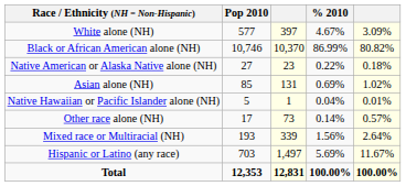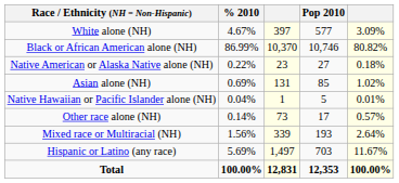 <table class="wikitable" style="text-align:center;">
 <tr>
 <th>Race / Ethnicity <small>(<em>NH = Non-Hispanic</em>)</small></th>
+<th>% 2010</th>
+<th></th>
 <th>Pop 2010</th>
-<th></th>
-<th>% 2010</th>
 <th></th>
 </tr>
 <tr>
 <td><a href='#'>White</a> alone (NH)</td>
+<td>4.67%</td>
+<td style='background: #ffffe6;'>397</td>
 <td>577</td>
-<td style='background: #ffffe6;'>397</td>
-<td>4.67%</td>
 <td style='background: #ffffe6;'>3.09%</td>
 </tr>
 <tr>
 <td><a href='#'>Black or African American</a> alone (NH)</td>
+<td>86.99%</td>
+<td style='background: #ffffe6;'>10,370</td>
 <td>10,746</td>
-<td style='background: #ffffe6;'>10,370</td>
-<td>86.99%</td>
 <td style='background: #ffffe6;'>80.82%</td>
 </tr>
 <tr>
 <td><a href='#'>Native American</a> or <a href='#'>Alaska Native</a> alone (NH)</td>
+<td>0.22%</td>
+<td style='background: #ffffe6;'>23</td>
 <td>27</td>
-<td style='background: #ffffe6;'>23</td>
-<td>0.22%</td>
 <td style='background: #ffffe6;'>0.18%</td>
 </tr>
 <tr>
 <td><a href='#'>Asian</a> alone (NH)</td>
+<td>0.69%</td>
+<td style='background: #ffffe6;'>131</td>
 <td>85</td>
-<td style='background: #ffffe6;'>131</td>
-<td>0.69%</td>
 <td style='background: #ffffe6;'>1.02%</td>
 </tr>
 <tr>
 <td><a href='#'>Native Hawaiian</a> or <a href='#'>Pacific Islander</a> alone (NH)</td>
+<td>0.04%</td>
+<td style='background: #ffffe6;'>1</td>
 <td>5</td>
-<td style='background: #ffffe6;'>1</td>
-<td>0.04%</td>
 <td style='background: #ffffe6;'>0.01%</td>
 </tr>
 <tr>
 <td><a href='#'>Other race</a> alone (NH)</td>
+<td>0.14%</td>
+<td style='background: #ffffe6;'>73</td>
 <td>17</td>
-<td style='background: #ffffe6;'>73</td>
-<td>0.14%</td>
 <td style='background: #ffffe6;'>0.57%</td>
 </tr>
 <tr>
 <td><a href='#'>Mixed race or Multiracial</a> (NH)</td>
+<td>1.56%</td>
+<td style='background: #ffffe6;'>339</td>
 <td>193</td>
-<td style='background: #ffffe6;'>339</td>
-<td>1.56%</td>
 <td style='background: #ffffe6;'>2.64%</td>
 </tr>
 <tr>
 <td><a href='#'>Hispanic or Latino</a> (any race)</td>
+<td>5.69%</td>
+<td style='background: #ffffe6;'>1,497</td>
 <td>703</td>
-<td style='background: #ffffe6;'>1,497</td>
-<td>5.69%</td>
 <td style='background: #ffffe6;'>11.67%</td>
 </tr>
 <tr>
 <td><strong>Total</strong></td>
+<td><strong>100.00%</strong></td>
+<td style='background: #ffffe6;'><strong>12,831</strong></td>
 <td><strong>12,353</strong></td>
-<td style='background: #ffffe6;'><strong>12,831</strong></td>
-<td><strong>100.00%</strong></td>
 <td style='background: #ffffe6;'><strong>100.00%</strong></td>
 </tr>
 </table>
